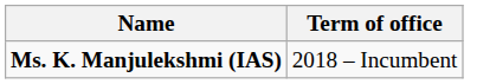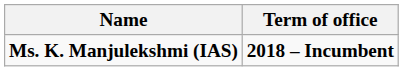 <table class="wikitable">
 <tr>
 <th>Name</th>
 <th>Term of office</th>
 </tr>
 <tr>
 <td><strong>Ms. K. Manjulekshmi (IAS)</strong></td>
-<td>2018 – Incumbent</td>
+<td><strong>2018 – Incumbent</strong></td>
 </tr>
 </table>
